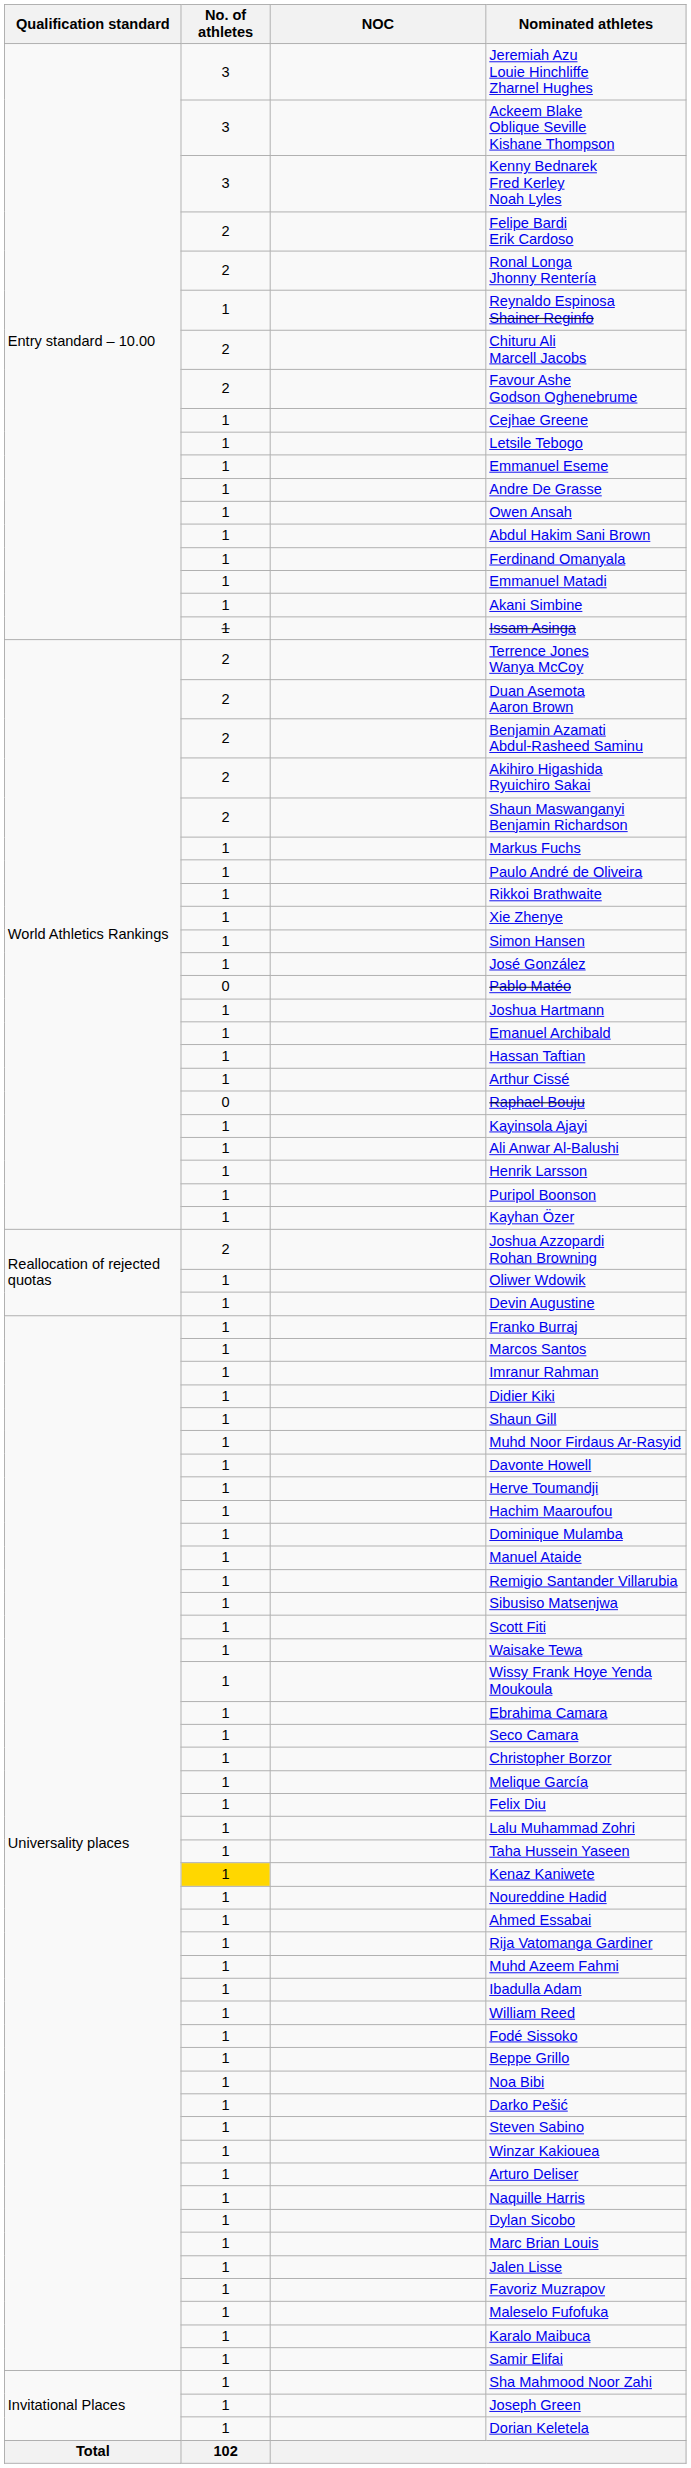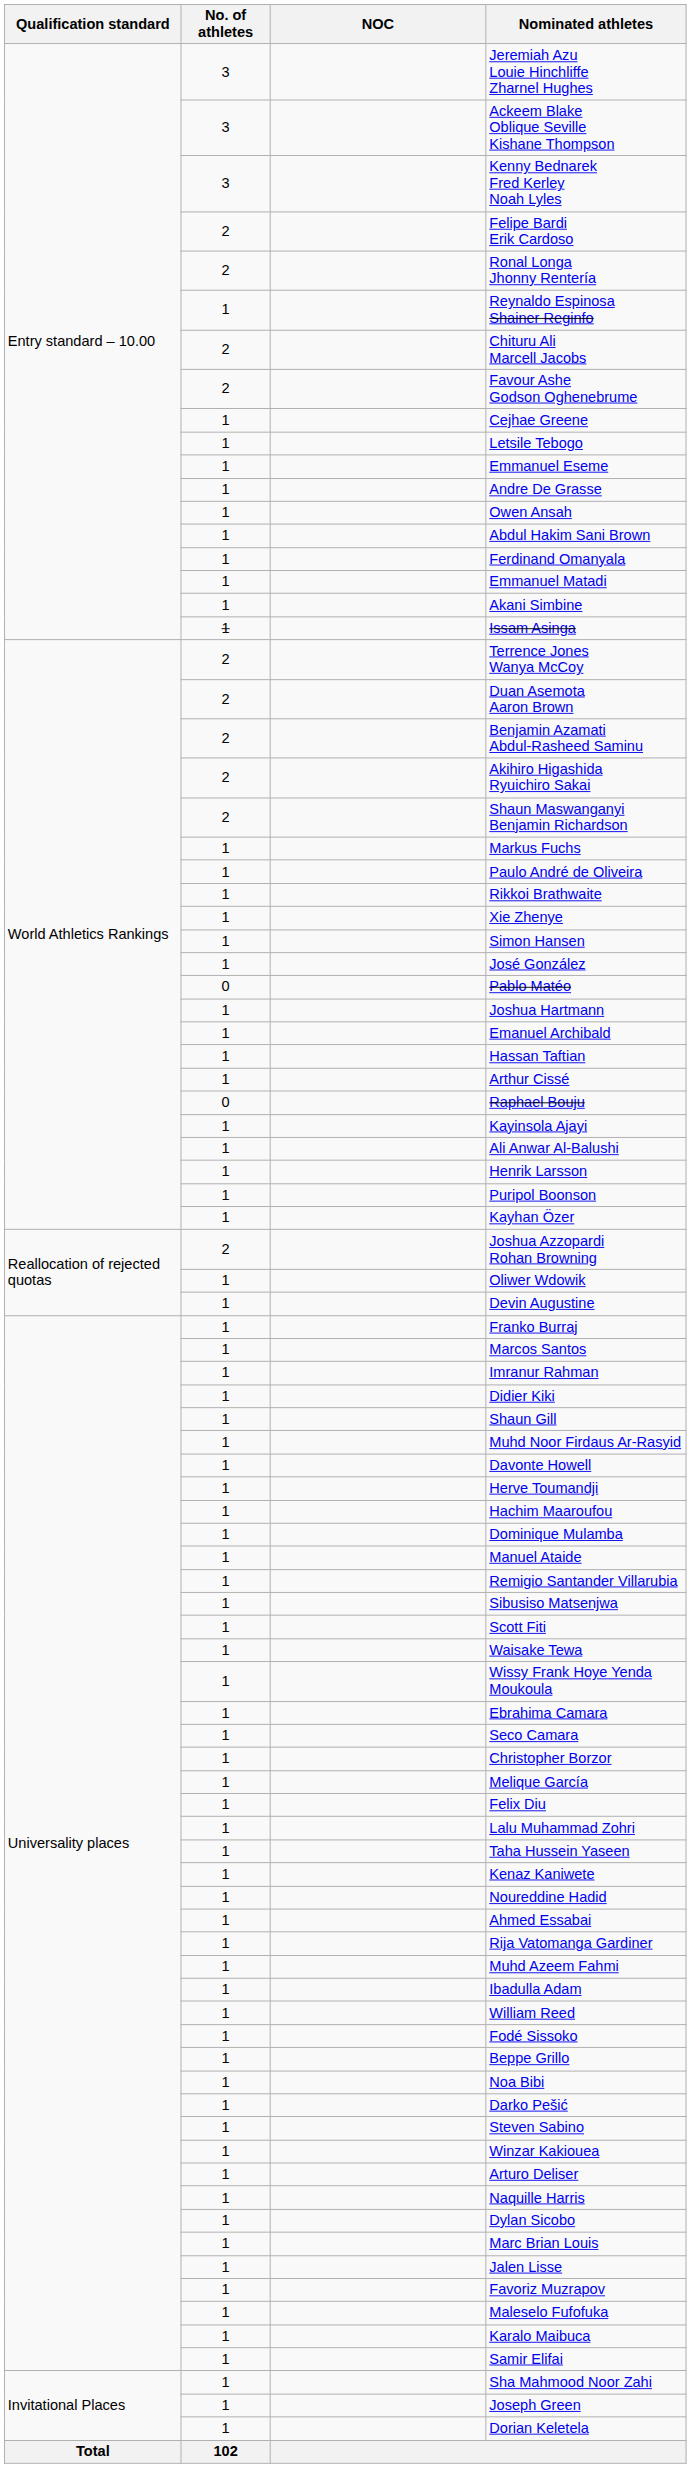 <table class="wikitable sortable" style="text-align:left; width:750px;">
 <tr>
 <th>Qualification standard</th>
 <th width=90>No. of athletes</th>
 <th width=230>NOC</th>
 <th>Nominated athletes</th>
 </tr>
 <tr>
 <td rowspan=18>Entry standard – 10.00</td>
 <td align=center>3</td>
 <td></td>
 <td><a href='#'>Jeremiah Azu</a><br><a href='#'>Louie Hinchliffe</a><br><a href='#'>Zharnel Hughes</a></td>
 </tr>
 <tr>
 <td align=center>3</td>
 <td></td>
 <td><a href='#'>Ackeem Blake</a><br><a href='#'>Oblique Seville</a><br><a href='#'>Kishane Thompson</a></td>
 </tr>
 <tr>
 <td align=center>3</td>
 <td></td>
 <td><a href='#'>Kenny Bednarek</a><br><a href='#'>Fred Kerley</a><br><a href='#'>Noah Lyles</a></td>
 </tr>
 <tr>
 <td align=center>2</td>
 <td></td>
 <td><a href='#'>Felipe Bardi</a><br><a href='#'>Erik Cardoso</a></td>
 </tr>
 <tr>
 <td align=center>2</td>
 <td></td>
 <td><a href='#'>Ronal Longa</a><br><a href='#'>Jhonny Rentería</a></td>
 </tr>
 <tr>
 <td align=center>1</td>
 <td></td>
 <td><a href='#'>Reynaldo Espinosa</a><br><s><a href='#'>Shainer Reginfo</a></s></td>
 </tr>
 <tr>
 <td align=center>2</td>
 <td></td>
 <td><a href='#'>Chituru Ali</a><br><a href='#'>Marcell Jacobs</a></td>
 </tr>
 <tr>
 <td align=center>2</td>
 <td></td>
 <td><a href='#'>Favour Ashe</a><br><a href='#'>Godson Oghenebrume</a></td>
 </tr>
 <tr>
 <td align=center>1</td>
 <td></td>
 <td><a href='#'>Cejhae Greene</a></td>
 </tr>
 <tr>
 <td align=center>1</td>
 <td></td>
 <td><a href='#'>Letsile Tebogo</a></td>
 </tr>
 <tr>
 <td align=center>1</td>
 <td></td>
 <td><a href='#'>Emmanuel Eseme</a></td>
 </tr>
 <tr>
 <td align=center>1</td>
 <td></td>
 <td><a href='#'>Andre De Grasse</a></td>
 </tr>
 <tr>
 <td align=center>1</td>
 <td></td>
 <td><a href='#'>Owen Ansah</a></td>
 </tr>
 <tr>
 <td align=center>1</td>
 <td></td>
 <td><a href='#'>Abdul Hakim Sani Brown</a></td>
 </tr>
 <tr>
 <td align=center>1</td>
 <td></td>
 <td><a href='#'>Ferdinand Omanyala</a></td>
 </tr>
 <tr>
 <td align=center>1</td>
 <td></td>
 <td><a href='#'>Emmanuel Matadi</a></td>
 </tr>
 <tr>
 <td align=center>1</td>
 <td></td>
 <td><a href='#'>Akani Simbine</a></td>
 </tr>
 <tr>
 <td align=center><s>1</s></td>
 <td><s></s></td>
 <td><s><a href='#'>Issam Asinga</a></s></td>
 </tr>
 <tr>
 <td rowspan =22>World Athletics Rankings</td>
 <td align=center>2</td>
 <td></td>
 <td><a href='#'>Terrence Jones</a><br><a href='#'>Wanya McCoy</a></td>
 </tr>
 <tr>
 <td align=center>2</td>
 <td></td>
 <td><a href='#'>Duan Asemota</a><br><a href='#'>Aaron Brown</a></td>
 </tr>
 <tr>
 <td align=center>2</td>
 <td></td>
 <td><a href='#'>Benjamin Azamati</a><br><a href='#'>Abdul-Rasheed Saminu</a></td>
 </tr>
 <tr>
 <td align=center>2</td>
 <td></td>
 <td><a href='#'>Akihiro Higashida</a><br><a href='#'>Ryuichiro Sakai</a></td>
 </tr>
 <tr>
 <td align=center>2</td>
 <td></td>
 <td><a href='#'>Shaun Maswanganyi</a><br><a href='#'>Benjamin Richardson</a></td>
 </tr>
 <tr>
 <td align=center>1</td>
 <td></td>
 <td><a href='#'>Markus Fuchs</a></td>
 </tr>
 <tr>
 <td align=center>1</td>
 <td></td>
 <td><a href='#'>Paulo André de Oliveira</a></td>
 </tr>
 <tr>
 <td align=center>1</td>
 <td></td>
 <td><a href='#'>Rikkoi Brathwaite</a></td>
 </tr>
 <tr>
 <td align=center>1</td>
 <td></td>
 <td><a href='#'>Xie Zhenye</a></td>
 </tr>
 <tr>
 <td align=center>1</td>
 <td></td>
 <td><a href='#'>Simon Hansen</a></td>
 </tr>
 <tr>
 <td align=center>1</td>
 <td></td>
 <td><a href='#'>José González</a></td>
 </tr>
 <tr>
 <td align=center>0</td>
 <td><s></s></td>
 <td><s><a href='#'>Pablo Matéo</a></s></td>
 </tr>
 <tr>
 <td align=center>1</td>
 <td></td>
 <td><a href='#'>Joshua Hartmann</a></td>
 </tr>
 <tr>
 <td align=center>1</td>
 <td></td>
 <td><a href='#'>Emanuel Archibald</a></td>
 </tr>
 <tr>
 <td align=center>1</td>
 <td></td>
 <td><a href='#'>Hassan Taftian</a></td>
 </tr>
 <tr>
 <td align=center>1</td>
 <td></td>
 <td><a href='#'>Arthur Cissé</a></td>
 </tr>
 <tr>
 <td align=center>0</td>
 <td><s></s></td>
 <td><s><a href='#'>Raphael Bouju</a></s></td>
 </tr>
 <tr>
 <td align=center>1</td>
 <td></td>
 <td><a href='#'>Kayinsola Ajayi</a></td>
 </tr>
 <tr>
 <td align=center>1</td>
 <td></td>
 <td><a href='#'>Ali Anwar Al-Balushi</a></td>
 </tr>
 <tr>
 <td align=center>1</td>
 <td></td>
 <td><a href='#'>Henrik Larsson</a></td>
 </tr>
 <tr>
 <td align=center>1</td>
 <td></td>
 <td><a href='#'>Puripol Boonson</a></td>
 </tr>
 <tr>
 <td align=center>1</td>
 <td></td>
 <td><a href='#'>Kayhan Özer</a></td>
 </tr>
 <tr>
 <td rowspan=3>Reallocation of rejected quotas</td>
 <td align=center>2</td>
 <td></td>
 <td><a href='#'>Joshua Azzopardi</a><br><a href='#'>Rohan Browning</a></td>
 </tr>
 <tr>
 <td align=center>1</td>
 <td></td>
 <td><a href='#'>Oliwer Wdowik</a></td>
 </tr>
 <tr>
 <td align=center>1</td>
 <td></td>
 <td><a href='#'>Devin Augustine</a></td>
 </tr>
 <tr>
 <td rowspan=45>Universality places</td>
 <td align=center>1</td>
 <td></td>
 <td><a href='#'>Franko Burraj</a></td>
 </tr>
 <tr>
 <td align=center>1</td>
 <td></td>
 <td><a href='#'>Marcos Santos</a></td>
 </tr>
 <tr>
 <td align=center>1</td>
 <td></td>
 <td><a href='#'>Imranur Rahman</a></td>
 </tr>
 <tr>
 <td align=center>1</td>
 <td></td>
 <td><a href='#'>Didier Kiki</a></td>
 </tr>
 <tr>
 <td align=center>1</td>
 <td></td>
 <td><a href='#'>Shaun Gill</a></td>
 </tr>
 <tr>
 <td align=center>1</td>
 <td></td>
 <td><a href='#'>Muhd Noor Firdaus Ar-Rasyid</a></td>
 </tr>
 <tr>
 <td align=center>1</td>
 <td></td>
 <td><a href='#'>Davonte Howell</a></td>
 </tr>
 <tr>
 <td align=center>1</td>
 <td></td>
 <td><a href='#'>Herve Toumandji</a></td>
 </tr>
 <tr>
 <td align=center>1</td>
 <td></td>
 <td><a href='#'>Hachim Maaroufou</a></td>
 </tr>
 <tr>
 <td align=center>1</td>
 <td></td>
 <td><a href='#'>Dominique Mulamba</a></td>
 </tr>
 <tr>
 <td align=center>1</td>
 <td></td>
 <td><a href='#'>Manuel Ataide</a></td>
 </tr>
 <tr>
 <td align=center>1</td>
 <td></td>
 <td><a href='#'>Remigio Santander Villarubia</a></td>
 </tr>
 <tr>
 <td align=center>1</td>
 <td></td>
 <td><a href='#'>Sibusiso Matsenjwa</a></td>
 </tr>
 <tr>
 <td align=center>1</td>
 <td></td>
 <td><a href='#'>Scott Fiti</a></td>
 </tr>
 <tr>
 <td align=center>1</td>
 <td></td>
 <td><a href='#'>Waisake Tewa</a></td>
 </tr>
 <tr>
 <td align=center>1</td>
 <td></td>
 <td><a href='#'>Wissy Frank Hoye Yenda Moukoula</a></td>
 </tr>
 <tr>
 <td align=center>1</td>
 <td></td>
 <td><a href='#'>Ebrahima Camara</a></td>
 </tr>
 <tr>
 <td align=center>1</td>
 <td></td>
 <td><a href='#'>Seco Camara</a></td>
 </tr>
 <tr>
 <td align=center>1</td>
 <td></td>
 <td><a href='#'>Christopher Borzor</a></td>
 </tr>
 <tr>
 <td align=center>1</td>
 <td></td>
 <td><a href='#'>Melique García</a></td>
 </tr>
 <tr>
 <td align=center>1</td>
 <td></td>
 <td><a href='#'>Felix Diu</a></td>
 </tr>
 <tr>
 <td align=center>1</td>
 <td></td>
 <td><a href='#'>Lalu Muhammad Zohri</a></td>
 </tr>
 <tr>
 <td align=center>1</td>
 <td></td>
 <td><a href='#'>Taha Hussein Yaseen</a></td>
 </tr>
 <tr>
-<td align=center style="background: gold;">1</td>
+<td align=center>1</td>
 <td></td>
 <td><a href='#'>Kenaz Kaniwete</a></td>
 </tr>
 <tr>
 <td align=center>1</td>
 <td></td>
 <td><a href='#'>Noureddine Hadid</a></td>
 </tr>
 <tr>
 <td align=center>1</td>
 <td></td>
 <td><a href='#'>Ahmed Essabai</a></td>
 </tr>
 <tr>
 <td align=center>1</td>
 <td></td>
 <td><a href='#'>Rija Vatomanga Gardiner</a></td>
 </tr>
 <tr>
 <td align=center>1</td>
 <td></td>
 <td><a href='#'>Muhd Azeem Fahmi</a></td>
 </tr>
 <tr>
 <td align=center>1</td>
 <td></td>
 <td><a href='#'>Ibadulla Adam</a></td>
 </tr>
 <tr>
 <td align=center>1</td>
 <td></td>
 <td><a href='#'>William Reed</a></td>
 </tr>
 <tr>
 <td align=center>1</td>
 <td></td>
 <td><a href='#'>Fodé Sissoko</a></td>
 </tr>
 <tr>
 <td align=center>1</td>
 <td></td>
 <td><a href='#'>Beppe Grillo</a></td>
 </tr>
 <tr>
 <td align=center>1</td>
 <td></td>
 <td><a href='#'>Noa Bibi</a></td>
 </tr>
 <tr>
 <td align=center>1</td>
 <td></td>
 <td><a href='#'>Darko Pešić</a></td>
 </tr>
 <tr>
 <td align=center>1</td>
 <td></td>
 <td><a href='#'>Steven Sabino</a></td>
 </tr>
 <tr>
 <td align=center>1</td>
 <td></td>
 <td><a href='#'>Winzar Kakiouea</a></td>
 </tr>
 <tr>
 <td align=center>1</td>
 <td></td>
 <td><a href='#'>Arturo Deliser</a></td>
 </tr>
 <tr>
 <td align=center>1</td>
 <td></td>
 <td><a href='#'>Naquille Harris</a></td>
 </tr>
 <tr>
 <td align=center>1</td>
 <td></td>
 <td><a href='#'>Dylan Sicobo</a></td>
 </tr>
 <tr>
 <td align=center>1</td>
 <td></td>
 <td><a href='#'>Marc Brian Louis</a></td>
 </tr>
 <tr>
 <td align=center>1</td>
 <td></td>
 <td><a href='#'>Jalen Lisse</a></td>
 </tr>
 <tr>
 <td align=center>1</td>
 <td></td>
 <td><a href='#'>Favoriz Muzrapov</a></td>
 </tr>
 <tr>
 <td align=center>1</td>
 <td></td>
 <td><a href='#'>Maleselo Fufofuka</a></td>
 </tr>
 <tr>
 <td align=center>1</td>
 <td></td>
 <td><a href='#'>Karalo Maibuca</a></td>
 </tr>
 <tr>
 <td align=center>1</td>
 <td></td>
 <td><a href='#'>Samir Elifai</a></td>
 </tr>
 <tr>
 <td rowspan=3>Invitational Places</td>
 <td align=center>1</td>
 <td></td>
 <td><a href='#'>Sha Mahmood Noor Zahi</a></td>
 </tr>
 <tr>
 <td align=center>1</td>
 <td></td>
 <td><a href='#'>Joseph Green</a></td>
 </tr>
 <tr>
 <td align=center>1</td>
 <td></td>
 <td><a href='#'>Dorian Keletela</a></td>
 </tr>
 <tr>
 <th>Total</th>
 <th>102</th>
 <th colspan=2></th>
 </tr>
 </table>
